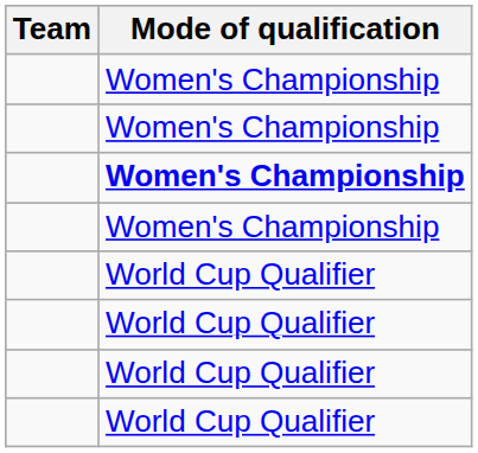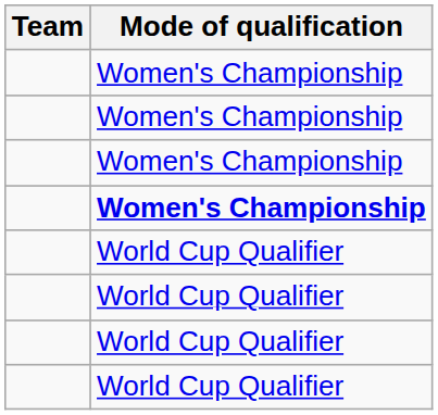 <table class="wikitable">
 <tr>
 <th>Team</th>
 <th>Mode of qualification</th>
 </tr>
 <tr>
 <td></td>
 <td><a href='#'>Women's Championship</a></td>
 </tr>
 <tr>
 <td></td>
 <td><a href='#'>Women's Championship</a></td>
 </tr>
 <tr>
 <td></td>
-<td><strong><a href='#'>Women's Championship</a></strong></td>
+<td><a href='#'>Women's Championship</a></td>
 </tr>
 <tr>
 <td></td>
-<td><a href='#'>Women's Championship</a></td>
+<td><strong><a href='#'>Women's Championship</a></strong></td>
 </tr>
 <tr>
 <td></td>
 <td><a href='#'>World Cup Qualifier</a></td>
 </tr>
 <tr>
 <td></td>
 <td><a href='#'>World Cup Qualifier</a></td>
 </tr>
 <tr>
 <td></td>
 <td><a href='#'>World Cup Qualifier</a></td>
 </tr>
 <tr>
 <td></td>
 <td><a href='#'>World Cup Qualifier</a></td>
 </tr>
 </table>
